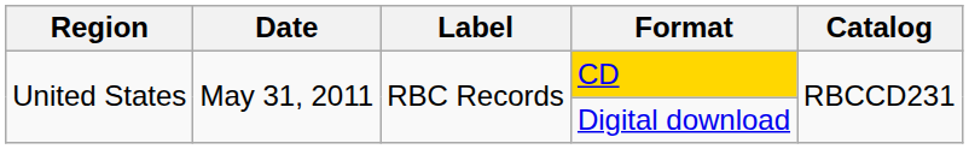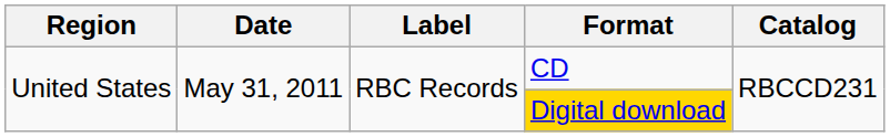 <table class="wikitable">
 <tr>
 <th>Region</th>
 <th>Date</th>
 <th>Label</th>
 <th>Format</th>
 <th>Catalog</th>
 </tr>
 <tr>
 <td rowspan="2">United States</td>
 <td rowspan="2">May 31, 2011</td>
 <td rowspan="2">RBC Records</td>
-<td style="background: gold;"><a href='#'>CD</a></td>
+<td><a href='#'>CD</a></td>
 <td rowspan="2">RBCCD231</td>
 </tr>
 <tr>
-<td><a href='#'>Digital download</a></td>
+<td style="background: gold;"><a href='#'>Digital download</a></td>
 </tr>
 </table>
